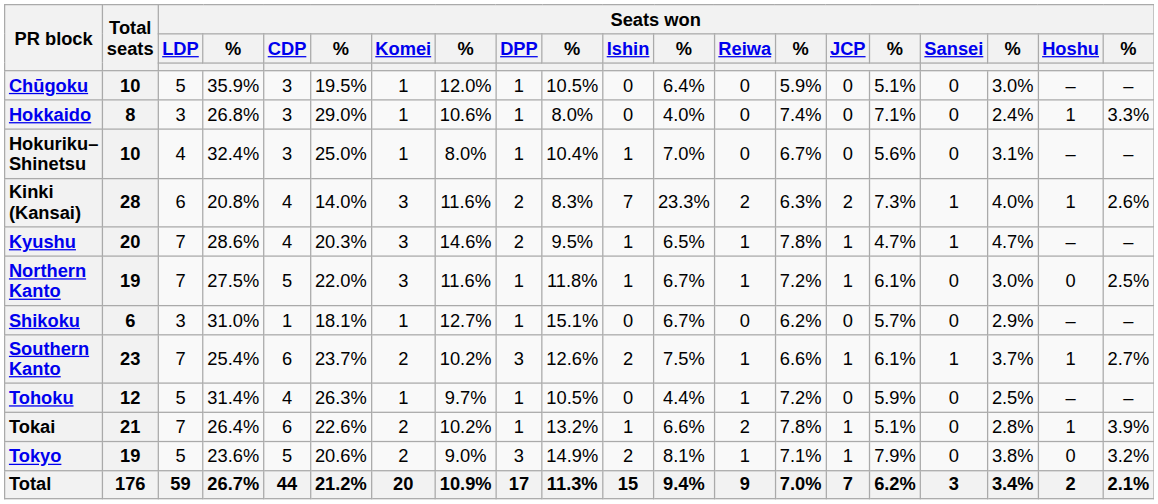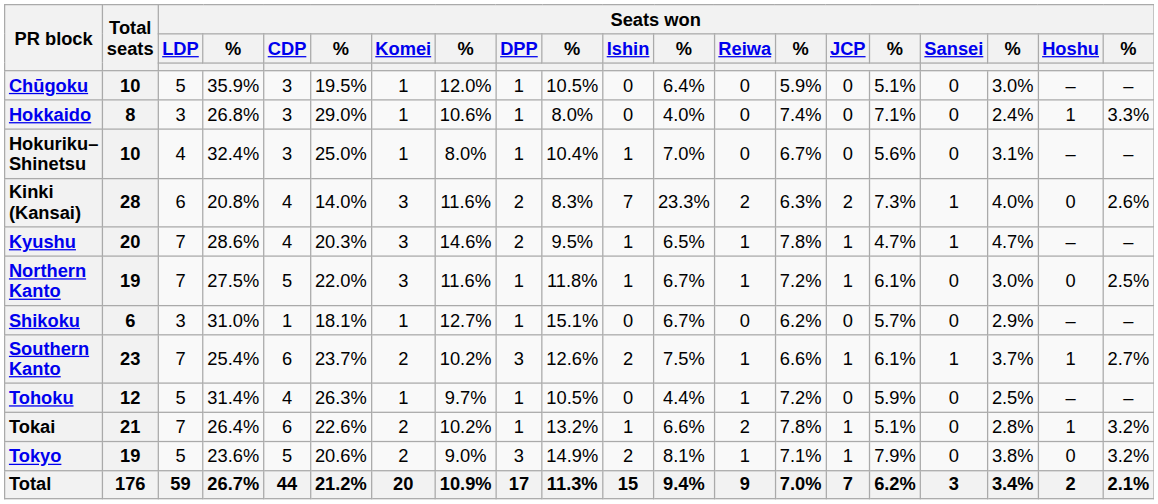 <table class="wikitable sortable" style="text-align:center; font-size: 0.9em;">
 <tr>
 <th rowspan="3">PR block</th>
 <th rowspan="3">Total<br>seats</th>
 <th colspan="18">Seats won</th>
 </tr>
 <tr>
 <th class="unsortable" style="width:60px;"><a href='#'>LDP</a></th>
 <th>%</th>
 <th class="unsortable" style="width:60px;"><a href='#'>CDP</a></th>
 <th>%</th>
 <th class="unsortable" style="width:60px;"><a href='#'>Komei</a></th>
 <th>%</th>
 <th class="unsortable" style="width:60px;"><a href='#'>DPP</a></th>
 <th>%</th>
 <th class="unsortable" style="width:60px;"><a href='#'>Ishin</a></th>
 <th>%</th>
 <th class="unsortable" style="width:60px;"><a href='#'>Reiwa</a></th>
 <th>%</th>
 <th class="unsortable" style="width:60px;"><a href='#'>JCP</a></th>
 <th>%</th>
 <th><a href='#'>Sansei</a></th>
 <th>%</th>
 <th><a href='#'>Hoshu</a></th>
 <th>%</th>
 </tr>
 <tr>
 <th class="unsortable" style="width:60px;" colspan=2 style="background:"></th>
 <th class="unsortable" style="width:60px;" colspan=2 style="background:"></th>
 <th class="unsortable" style="width:60px;" colspan=2 style="background:"></th>
 <th class="unsortable" style="width:60px;" colspan=2 style="background:"></th>
 <th class="unsortable" style="width:60px;" colspan=2 style="background:"></th>
 <th class="unsortable" style="width:60px;" colspan=2 style="background:"></th>
 <th class="unsortable" style="width:60px;" colspan=2 style="background:"></th>
 <th class="unsortable" style="width:60px;" colspan=2 style="background:"></th>
 <th class="unsortable" style="width:60px;" colspan=2 style="background:"></th>
 </tr>
 <tr>
 <th style="text-align: left;"><a href='#'>Chūgoku</a></th>
 <th>10</th>
 <td>5</td>
 <td>35.9%</td>
 <td>3</td>
 <td>19.5%</td>
 <td>1</td>
 <td>12.0%</td>
 <td>1</td>
 <td>10.5%</td>
 <td>0</td>
 <td>6.4%</td>
 <td>0</td>
 <td>5.9%</td>
 <td>0</td>
 <td>5.1%</td>
 <td>0</td>
 <td>3.0%</td>
 <td>–</td>
 <td>–</td>
 </tr>
 <tr>
 <th style="text-align: left;"><a href='#'>Hokkaido</a></th>
 <th>8</th>
 <td>3</td>
 <td>26.8%</td>
 <td>3</td>
 <td>29.0%</td>
 <td>1</td>
 <td>10.6%</td>
 <td>1</td>
 <td>8.0%</td>
 <td>0</td>
 <td>4.0%</td>
 <td>0</td>
 <td>7.4%</td>
 <td>0</td>
 <td>7.1%</td>
 <td>0</td>
 <td>2.4%</td>
 <td>1</td>
 <td>3.3%</td>
 </tr>
 <tr>
 <th style="text-align: left;">Hokuriku–Shinetsu</th>
 <th>10</th>
 <td>4</td>
 <td>32.4%</td>
 <td>3</td>
 <td>25.0%</td>
 <td>1</td>
 <td>8.0%</td>
 <td>1</td>
 <td>10.4%</td>
 <td>1</td>
 <td>7.0%</td>
 <td>0</td>
 <td>6.7%</td>
 <td>0</td>
 <td>5.6%</td>
 <td>0</td>
 <td>3.1%</td>
 <td>–</td>
 <td>–</td>
 </tr>
 <tr>
 <th style="text-align: left;">Kinki (Kansai)</th>
 <th>28</th>
 <td>6</td>
 <td>20.8%</td>
 <td>4</td>
 <td>14.0%</td>
 <td>3</td>
 <td>11.6%</td>
 <td>2</td>
 <td>8.3%</td>
 <td>7</td>
 <td>23.3%</td>
 <td>2</td>
 <td>6.3%</td>
 <td>2</td>
 <td>7.3%</td>
 <td>1</td>
 <td>4.0%</td>
-<td>1</td>
+<td>0</td>
 <td>2.6%</td>
 </tr>
 <tr>
 <th style="text-align: left;"><a href='#'>Kyushu</a></th>
 <th>20</th>
 <td>7</td>
 <td>28.6%</td>
 <td>4</td>
 <td>20.3%</td>
 <td>3</td>
 <td>14.6%</td>
 <td>2</td>
 <td>9.5%</td>
 <td>1</td>
 <td>6.5%</td>
 <td>1</td>
 <td>7.8%</td>
 <td>1</td>
 <td>4.7%</td>
 <td>1</td>
 <td>4.7%</td>
 <td>–</td>
 <td>–</td>
 </tr>
 <tr>
 <th style="text-align: left;"><a href='#'>Northern Kanto</a></th>
 <th>19</th>
 <td>7</td>
 <td>27.5%</td>
 <td>5</td>
 <td>22.0%</td>
 <td>3</td>
 <td>11.6%</td>
 <td>1</td>
 <td>11.8%</td>
 <td>1</td>
 <td>6.7%</td>
 <td>1</td>
 <td>7.2%</td>
 <td>1</td>
 <td>6.1%</td>
 <td>0</td>
 <td>3.0%</td>
 <td>0</td>
 <td>2.5%</td>
 </tr>
 <tr>
 <th style="text-align: left;"><a href='#'>Shikoku</a></th>
 <th>6</th>
 <td>3</td>
 <td>31.0%</td>
 <td>1</td>
 <td>18.1%</td>
 <td>1</td>
 <td>12.7%</td>
 <td>1</td>
 <td>15.1%</td>
 <td>0</td>
 <td>6.7%</td>
 <td>0</td>
 <td>6.2%</td>
 <td>0</td>
 <td>5.7%</td>
 <td>0</td>
 <td>2.9%</td>
 <td>–</td>
 <td>–</td>
 </tr>
 <tr>
 <th style="text-align: left;"><a href='#'>Southern Kanto</a></th>
 <th>23</th>
 <td>7</td>
 <td>25.4%</td>
 <td>6</td>
 <td>23.7%</td>
 <td>2</td>
 <td>10.2%</td>
 <td>3</td>
 <td>12.6%</td>
 <td>2</td>
 <td>7.5%</td>
 <td>1</td>
 <td>6.6%</td>
 <td>1</td>
 <td>6.1%</td>
 <td>1</td>
 <td>3.7%</td>
 <td>1</td>
 <td>2.7%</td>
 </tr>
 <tr>
 <th style="text-align: left;"><a href='#'>Tohoku</a></th>
 <th>12</th>
 <td>5</td>
 <td>31.4%</td>
 <td>4</td>
 <td>26.3%</td>
 <td>1</td>
 <td>9.7%</td>
 <td>1</td>
 <td>10.5%</td>
 <td>0</td>
 <td>4.4%</td>
 <td>1</td>
 <td>7.2%</td>
 <td>0</td>
 <td>5.9%</td>
 <td>0</td>
 <td>2.5%</td>
 <td>–</td>
 <td>–</td>
 </tr>
 <tr>
 <th style="text-align: left;">Tokai</th>
 <th>21</th>
 <td>7</td>
 <td>26.4%</td>
 <td>6</td>
 <td>22.6%</td>
 <td>2</td>
 <td>10.2%</td>
 <td>1</td>
 <td>13.2%</td>
 <td>1</td>
 <td>6.6%</td>
 <td>2</td>
 <td>7.8%</td>
 <td>1</td>
 <td>5.1%</td>
 <td>0</td>
 <td>2.8%</td>
 <td>1</td>
-<td>3.9%</td>
+<td>3.2%</td>
 </tr>
 <tr>
 <th style="text-align: left;"><a href='#'>Tokyo</a></th>
 <th>19</th>
 <td>5</td>
 <td>23.6%</td>
 <td>5</td>
 <td>20.6%</td>
 <td>2</td>
 <td>9.0%</td>
 <td>3</td>
 <td>14.9%</td>
 <td>2</td>
 <td>8.1%</td>
 <td>1</td>
 <td>7.1%</td>
 <td>1</td>
 <td>7.9%</td>
 <td>0</td>
 <td>3.8%</td>
 <td>0</td>
 <td>3.2%</td>
 </tr>
 <tr class="sortbottom">
 <th style="text-align: left;">Total</th>
 <th>176</th>
 <th>59</th>
 <th>26.7%</th>
 <th>44</th>
 <th>21.2%</th>
 <th>20</th>
 <th>10.9%</th>
 <th>17</th>
 <th>11.3%</th>
 <th>15</th>
 <th>9.4%</th>
 <th>9</th>
 <th>7.0%</th>
 <th>7</th>
 <th>6.2%</th>
 <th>3</th>
 <th>3.4%</th>
 <th>2</th>
 <th>2.1%</th>
 </tr>
 </table>
